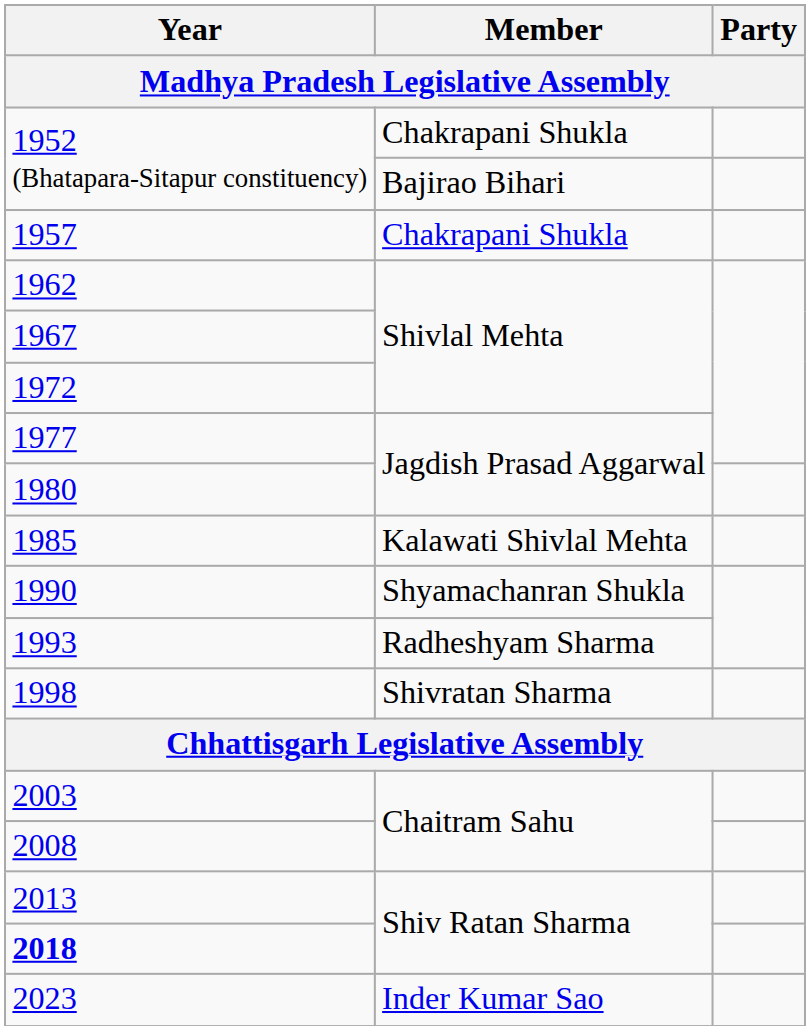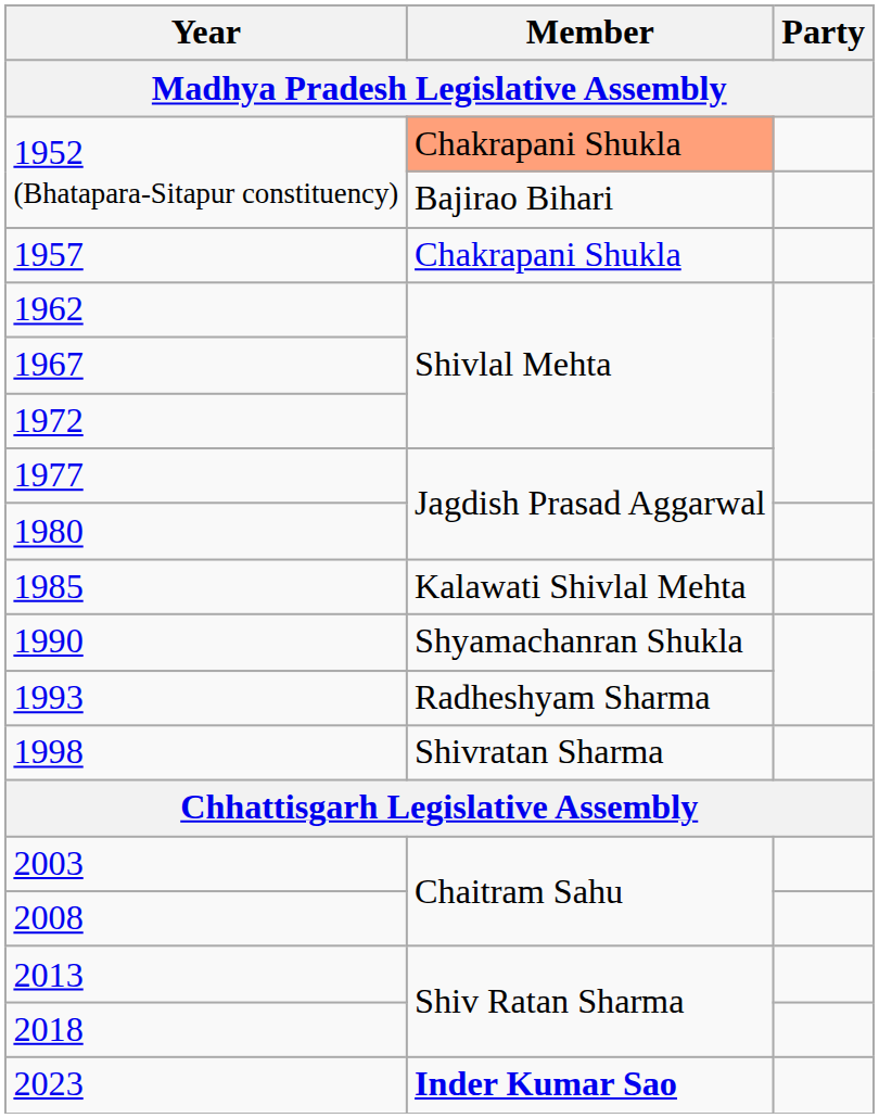 <table class="wikitable sortable">
 <tr>
 <th>Year</th>
 <th>Member</th>
 <th colspan="2">Party</th>
 </tr>
 <tr>
 <th colspan=4><a href='#'>Madhya Pradesh Legislative Assembly</a></th>
 </tr>
 <tr>
 <td rowspan="2"><a href='#'>1952</a><br><small>(Bhatapara-Sitapur constituency)</small></td>
-<td>Chakrapani Shukla</td>
+<td style="background: lightsalmon;">Chakrapani Shukla</td>
 <td></td>
 </tr>
 <tr>
 <td>Bajirao Bihari</td>
 </tr>
 <tr>
 <td><a href='#'>1957</a></td>
 <td><a href='#'>Chakrapani Shukla</a></td>
 <td></td>
 </tr>
 <tr>
 <td><a href='#'>1962</a></td>
 <td rowspan="3">Shivlal Mehta</td>
 </tr>
 <tr>
 <td><a href='#'>1967</a></td>
 </tr>
 <tr>
 <td><a href='#'>1972</a></td>
 </tr>
 <tr>
 <td><a href='#'>1977</a></td>
 <td rowspan="2">Jagdish Prasad Aggarwal</td>
 </tr>
 <tr>
 <td><a href='#'>1980</a></td>
 <td></td>
 </tr>
 <tr>
 <td><a href='#'>1985</a></td>
 <td>Kalawati Shivlal Mehta</td>
 <td></td>
 </tr>
 <tr>
 <td><a href='#'>1990</a></td>
 <td>Shyamachanran Shukla</td>
 </tr>
 <tr>
 <td><a href='#'>1993</a></td>
 <td>Radheshyam Sharma</td>
 </tr>
 <tr>
 <td><a href='#'>1998</a></td>
 <td>Shivratan Sharma</td>
 <td></td>
 </tr>
 <tr>
 <th colspan=4><a href='#'>Chhattisgarh Legislative Assembly</a></th>
 </tr>
 <tr>
 <td><a href='#'>2003</a></td>
 <td rowspan="2">Chaitram Sahu</td>
 <td></td>
 </tr>
 <tr>
 <td><a href='#'>2008</a></td>
 </tr>
 <tr>
 <td><a href='#'>2013</a></td>
 <td rowspan=2>Shiv Ratan Sharma</td>
 <td></td>
 </tr>
 <tr>
-<td><strong><a href='#'>2018</a></strong></td>
+<td><a href='#'>2018</a></td>
 </tr>
 <tr>
 <td><a href='#'>2023</a></td>
-<td><a href='#'>Inder Kumar Sao</a></td>
+<td><strong><a href='#'>Inder Kumar Sao</a></strong></td>
 <td></td>
 </tr>
 </table>
